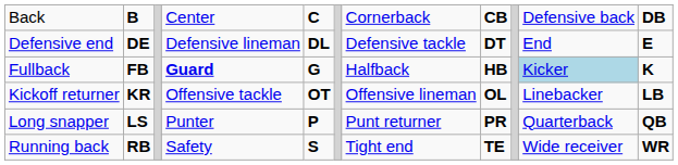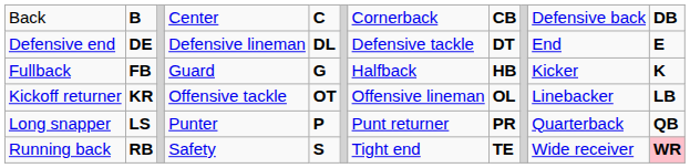 <table class="wikitable">
 <tr>
 <td>Back</td>
 <td><strong>B</strong></td>
 <td rowSpan="6" style="background-color:lightgrey;"></td>
 <td><a href='#'>Center</a></td>
 <td><strong>C</strong></td>
 <td rowSpan="6" style="background-color:lightgrey;"></td>
 <td><a href='#'>Cornerback</a></td>
 <td><strong>CB</strong></td>
 <td rowSpan="6" style="background-color:lightgrey;"></td>
 <td><a href='#'>Defensive back</a></td>
 <td><strong>DB</strong></td>
 </tr>
 <tr>
 <td><a href='#'>Defensive end</a></td>
 <td><strong>DE</strong></td>
 <td><a href='#'>Defensive lineman</a></td>
 <td><strong>DL</strong></td>
 <td><a href='#'>Defensive tackle</a></td>
 <td><strong>DT</strong></td>
 <td><a href='#'>End</a></td>
 <td><strong>E</strong></td>
 </tr>
 <tr>
 <td><a href='#'>Fullback</a></td>
 <td><strong>FB</strong></td>
-<td><strong><a href='#'>Guard</a></strong></td>
+<td><a href='#'>Guard</a></td>
 <td><strong>G</strong></td>
 <td><a href='#'>Halfback</a></td>
 <td><strong>HB</strong></td>
-<td style="background: lightblue;"><a href='#'>Kicker</a></td>
+<td><a href='#'>Kicker</a></td>
 <td><strong>K</strong></td>
 </tr>
 <tr>
 <td><a href='#'>Kickoff returner</a></td>
 <td><strong>KR</strong></td>
 <td><a href='#'>Offensive tackle</a></td>
 <td><strong>OT</strong></td>
 <td><a href='#'>Offensive lineman</a></td>
 <td><strong>OL</strong></td>
 <td><a href='#'>Linebacker</a></td>
 <td><strong>LB</strong></td>
 </tr>
 <tr>
 <td><a href='#'>Long snapper</a></td>
 <td><strong>LS</strong></td>
 <td><a href='#'>Punter</a></td>
 <td><strong>P</strong></td>
 <td><a href='#'>Punt returner</a></td>
 <td><strong>PR</strong></td>
 <td><a href='#'>Quarterback</a></td>
 <td><strong>QB</strong></td>
 </tr>
 <tr>
 <td><a href='#'>Running back</a></td>
 <td><strong>RB</strong></td>
 <td><a href='#'>Safety</a></td>
 <td><strong>S</strong></td>
 <td><a href='#'>Tight end</a></td>
 <td><strong>TE</strong></td>
 <td><a href='#'>Wide receiver</a></td>
-<td><strong>WR</strong></td>
+<td style="background: pink;"><strong>WR</strong></td>
 </tr>
 </table>
